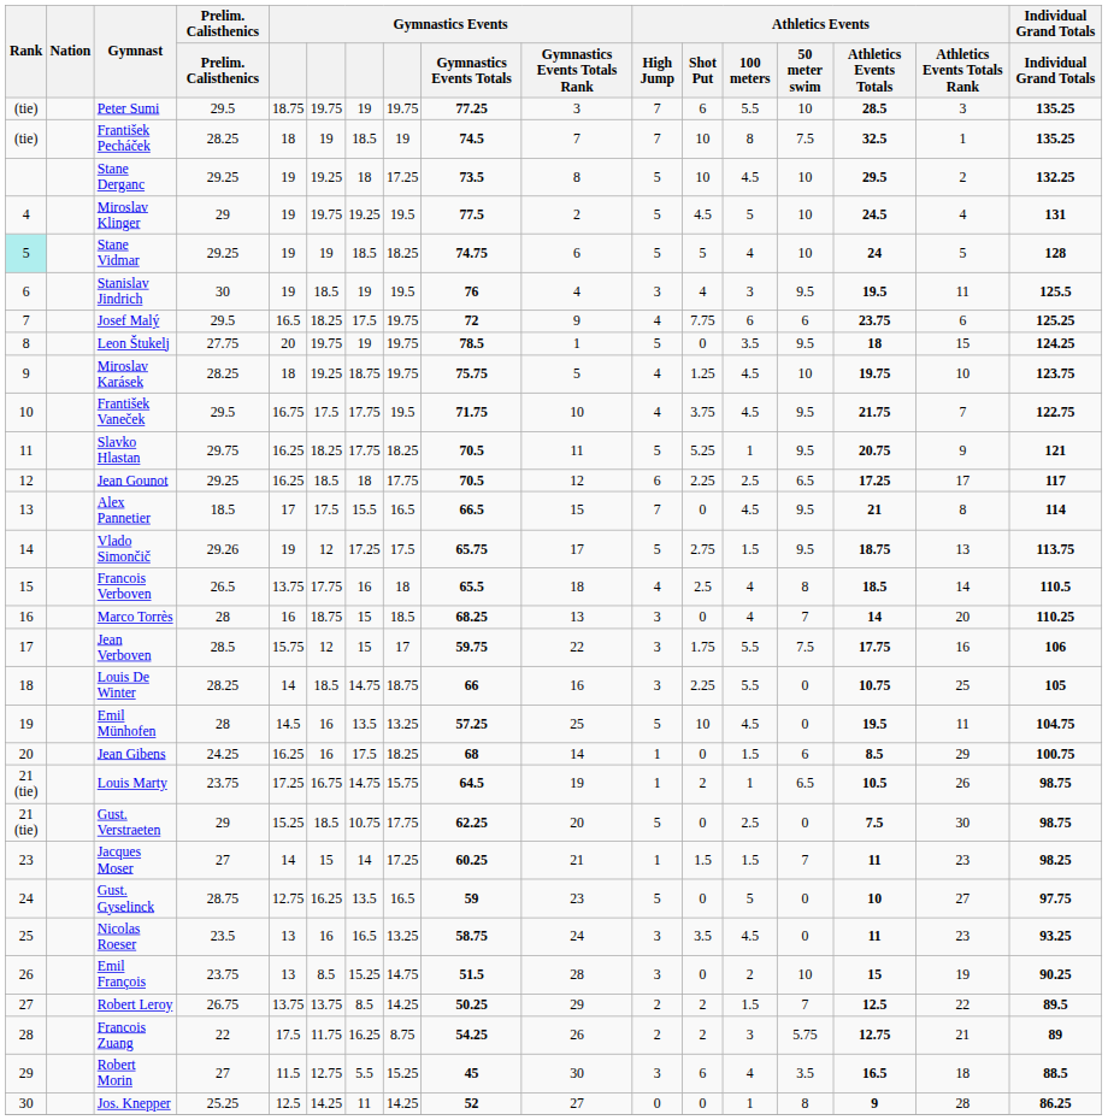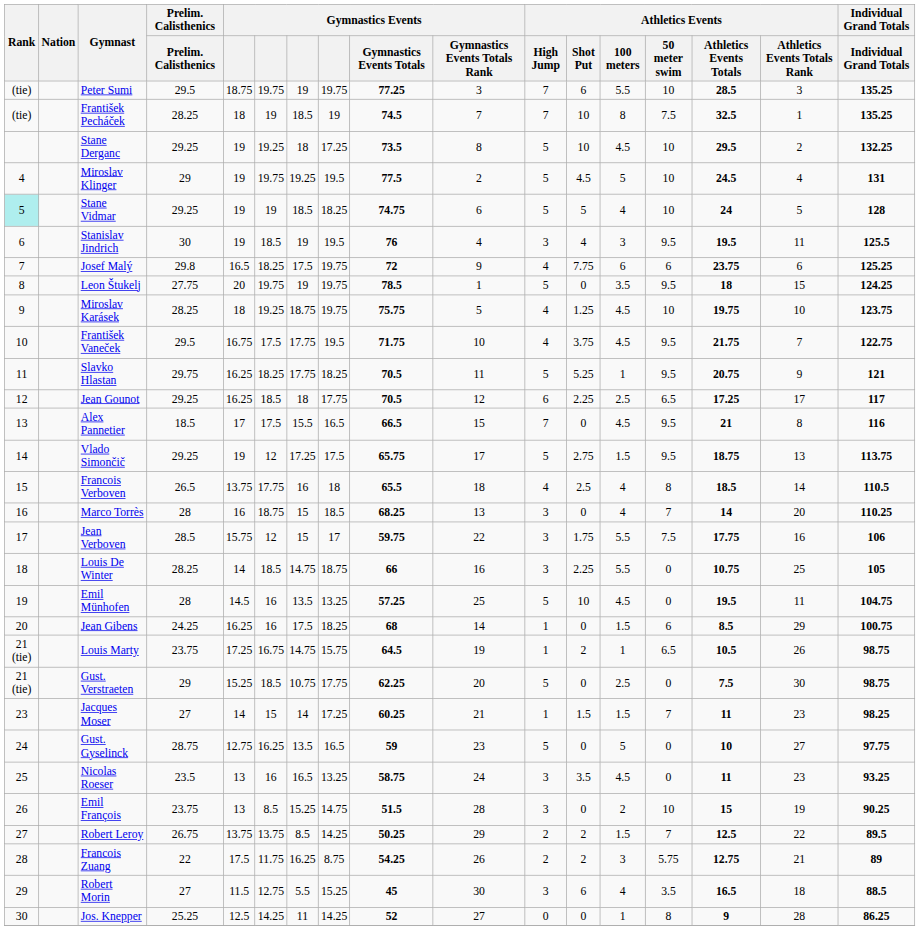 <table class="wikitable sortable" style="text-align:center">
 <tr>
 <th rowspan=2>Rank</th>
 <th rowspan=2>Nation</th>
 <th rowspan=2>Gymnast</th>
 <th colspan=1>Prelim. Calisthenics</th>
 <th colspan=6>Gymnastics Events</th>
 <th colspan=6>Athletics Events</th>
 <th colspan=2>Individual Grand Totals</th>
 </tr>
 <tr>
 <th colspan=1>Prelim. Calisthenics</th>
 <th colspan=1></th>
 <th colspan=1></th>
 <th colspan=1></th>
 <th colspan=1></th>
 <th colspan=1>Gymnastics Events Totals</th>
 <th colspan=1>Gymnastics Events Totals Rank</th>
 <th colspan=1>High Jump</th>
 <th colspan=1>Shot Put</th>
 <th colspan=1>100 meters</th>
 <th colspan=1>50 meter swim</th>
 <th colspan=1>Athletics Events Totals</th>
 <th colspan=1>Athletics Events Totals Rank</th>
 <th colspan=1>Individual Grand Totals</th>
 </tr>
 <tr>
 <td> (tie)</td>
 <td></td>
 <td align=left><a href='#'>Peter Sumi</a></td>
 <td>29.5</td>
 <td>18.75</td>
 <td>19.75</td>
 <td>19</td>
 <td>19.75</td>
 <td><strong>77.25</strong></td>
 <td>3</td>
 <td>7</td>
 <td>6</td>
 <td>5.5</td>
 <td>10</td>
 <td><strong>28.5</strong></td>
 <td>3</td>
 <td><strong>135.25</strong></td>
 </tr>
 <tr>
 <td> (tie)</td>
 <td></td>
 <td align=left><a href='#'>František Pecháček</a></td>
 <td>28.25</td>
 <td>18</td>
 <td>19</td>
 <td>18.5</td>
 <td>19</td>
 <td><strong>74.5</strong></td>
 <td>7</td>
 <td>7</td>
 <td>10</td>
 <td>8</td>
 <td>7.5</td>
 <td><strong>32.5</strong></td>
 <td>1</td>
 <td><strong>135.25</strong></td>
 </tr>
 <tr>
 <td></td>
 <td></td>
 <td align=left><a href='#'>Stane Derganc</a></td>
 <td>29.25</td>
 <td>19</td>
 <td>19.25</td>
 <td>18</td>
 <td>17.25</td>
 <td><strong>73.5</strong></td>
 <td>8</td>
 <td>5</td>
 <td>10</td>
 <td>4.5</td>
 <td>10</td>
 <td><strong>29.5</strong></td>
 <td>2</td>
 <td><strong>132.25</strong></td>
 </tr>
 <tr>
 <td>4</td>
 <td></td>
 <td align=left><a href='#'>Miroslav Klinger</a></td>
 <td>29</td>
 <td>19</td>
 <td>19.75</td>
 <td>19.25</td>
 <td>19.5</td>
 <td><strong>77.5</strong></td>
 <td>2</td>
 <td>5</td>
 <td>4.5</td>
 <td>5</td>
 <td>10</td>
 <td><strong>24.5</strong></td>
 <td>4</td>
 <td><strong>131</strong></td>
 </tr>
 <tr>
 <td style="background: paleturquoise;">5</td>
 <td></td>
 <td align=left><a href='#'>Stane Vidmar</a></td>
 <td>29.25</td>
 <td>19</td>
 <td>19</td>
 <td>18.5</td>
 <td>18.25</td>
 <td><strong>74.75</strong></td>
 <td>6</td>
 <td>5</td>
 <td>5</td>
 <td>4</td>
 <td>10</td>
 <td><strong>24</strong></td>
 <td>5</td>
 <td><strong>128</strong></td>
 </tr>
 <tr>
 <td>6</td>
 <td></td>
 <td align=left><a href='#'>Stanislav Jindrich</a></td>
 <td>30</td>
 <td>19</td>
 <td>18.5</td>
 <td>19</td>
 <td>19.5</td>
 <td><strong>76</strong></td>
 <td>4</td>
 <td>3</td>
 <td>4</td>
 <td>3</td>
 <td>9.5</td>
 <td><strong>19.5</strong></td>
 <td>11</td>
 <td><strong>125.5</strong></td>
 </tr>
 <tr>
 <td>7</td>
 <td></td>
 <td align=left><a href='#'>Josef Malý</a></td>
-<td>29.5</td>
+<td>29.8</td>
 <td>16.5</td>
 <td>18.25</td>
 <td>17.5</td>
 <td>19.75</td>
 <td><strong>72</strong></td>
 <td>9</td>
 <td>4</td>
 <td>7.75</td>
 <td>6</td>
 <td>6</td>
 <td><strong>23.75</strong></td>
 <td>6</td>
 <td><strong>125.25</strong></td>
 </tr>
 <tr>
 <td>8</td>
 <td></td>
 <td align=left><a href='#'>Leon Štukelj</a></td>
 <td>27.75</td>
 <td>20</td>
 <td>19.75</td>
 <td>19</td>
 <td>19.75</td>
 <td><strong>78.5</strong></td>
 <td>1</td>
 <td>5</td>
 <td>0</td>
 <td>3.5</td>
 <td>9.5</td>
 <td><strong>18</strong></td>
 <td>15</td>
 <td><strong>124.25</strong></td>
 </tr>
 <tr>
 <td>9</td>
 <td></td>
 <td align=left><a href='#'>Miroslav Karásek</a></td>
 <td>28.25</td>
 <td>18</td>
 <td>19.25</td>
 <td>18.75</td>
 <td>19.75</td>
 <td><strong>75.75</strong></td>
 <td>5</td>
 <td>4</td>
 <td>1.25</td>
 <td>4.5</td>
 <td>10</td>
 <td><strong>19.75</strong></td>
 <td>10</td>
 <td><strong>123.75</strong></td>
 </tr>
 <tr>
 <td>10</td>
 <td></td>
 <td align=left><a href='#'>František Vaneček</a></td>
 <td>29.5</td>
 <td>16.75</td>
 <td>17.5</td>
 <td>17.75</td>
 <td>19.5</td>
 <td><strong>71.75</strong></td>
 <td>10</td>
 <td>4</td>
 <td>3.75</td>
 <td>4.5</td>
 <td>9.5</td>
 <td><strong>21.75</strong></td>
 <td>7</td>
 <td><strong>122.75</strong></td>
 </tr>
 <tr>
 <td>11</td>
 <td></td>
 <td align=left><a href='#'>Slavko Hlastan</a></td>
 <td>29.75</td>
 <td>16.25</td>
 <td>18.25</td>
 <td>17.75</td>
 <td>18.25</td>
 <td><strong>70.5</strong></td>
 <td>11</td>
 <td>5</td>
 <td>5.25</td>
 <td>1</td>
 <td>9.5</td>
 <td><strong>20.75</strong></td>
 <td>9</td>
 <td><strong>121</strong></td>
 </tr>
 <tr>
 <td>12</td>
 <td></td>
 <td align=left><a href='#'>Jean Gounot</a></td>
 <td>29.25</td>
 <td>16.25</td>
 <td>18.5</td>
 <td>18</td>
 <td>17.75</td>
 <td><strong>70.5</strong></td>
 <td>12</td>
 <td>6</td>
 <td>2.25</td>
 <td>2.5</td>
 <td>6.5</td>
 <td><strong>17.25</strong></td>
 <td>17</td>
 <td><strong>117</strong></td>
 </tr>
 <tr>
 <td>13</td>
 <td></td>
 <td align=left><a href='#'>Alex Pannetier</a></td>
 <td>18.5</td>
 <td>17</td>
 <td>17.5</td>
 <td>15.5</td>
 <td>16.5</td>
 <td><strong>66.5</strong></td>
 <td>15</td>
 <td>7</td>
 <td>0</td>
 <td>4.5</td>
 <td>9.5</td>
 <td><strong>21</strong></td>
 <td>8</td>
-<td><strong>114</strong></td>
+<td><strong>116</strong></td>
 </tr>
 <tr>
 <td>14</td>
 <td></td>
 <td align=left><a href='#'>Vlado Simončič</a></td>
-<td>29.26</td>
+<td>29.25</td>
 <td>19</td>
 <td>12</td>
 <td>17.25</td>
 <td>17.5</td>
 <td><strong>65.75</strong></td>
 <td>17</td>
 <td>5</td>
 <td>2.75</td>
 <td>1.5</td>
 <td>9.5</td>
 <td><strong>18.75</strong></td>
 <td>13</td>
 <td><strong>113.75</strong></td>
 </tr>
 <tr>
 <td>15</td>
 <td></td>
 <td align=left><a href='#'>Francois Verboven</a></td>
 <td>26.5</td>
 <td>13.75</td>
 <td>17.75</td>
 <td>16</td>
 <td>18</td>
 <td><strong>65.5</strong></td>
 <td>18</td>
 <td>4</td>
 <td>2.5</td>
 <td>4</td>
 <td>8</td>
 <td><strong>18.5</strong></td>
 <td>14</td>
 <td><strong>110.5</strong></td>
 </tr>
 <tr>
 <td>16</td>
 <td></td>
 <td align=left><a href='#'>Marco Torrès</a></td>
 <td>28</td>
 <td>16</td>
 <td>18.75</td>
 <td>15</td>
 <td>18.5</td>
 <td><strong>68.25</strong></td>
 <td>13</td>
 <td>3</td>
 <td>0</td>
 <td>4</td>
 <td>7</td>
 <td><strong>14</strong></td>
 <td>20</td>
 <td><strong>110.25</strong></td>
 </tr>
 <tr>
 <td>17</td>
 <td></td>
 <td align=left><a href='#'>Jean Verboven</a></td>
 <td>28.5</td>
 <td>15.75</td>
 <td>12</td>
 <td>15</td>
 <td>17</td>
 <td><strong>59.75</strong></td>
 <td>22</td>
 <td>3</td>
 <td>1.75</td>
 <td>5.5</td>
 <td>7.5</td>
 <td><strong>17.75</strong></td>
 <td>16</td>
 <td><strong>106</strong></td>
 </tr>
 <tr>
 <td>18</td>
 <td></td>
 <td align=left><a href='#'>Louis De Winter</a></td>
 <td>28.25</td>
 <td>14</td>
 <td>18.5</td>
 <td>14.75</td>
 <td>18.75</td>
 <td><strong>66</strong></td>
 <td>16</td>
 <td>3</td>
 <td>2.25</td>
 <td>5.5</td>
 <td>0</td>
 <td><strong>10.75</strong></td>
 <td>25</td>
 <td><strong>105</strong></td>
 </tr>
 <tr>
 <td>19</td>
 <td></td>
 <td align=left><a href='#'>Emil Münhofen</a></td>
 <td>28</td>
 <td>14.5</td>
 <td>16</td>
 <td>13.5</td>
 <td>13.25</td>
 <td><strong>57.25</strong></td>
 <td>25</td>
 <td>5</td>
 <td>10</td>
 <td>4.5</td>
 <td>0</td>
 <td><strong>19.5</strong></td>
 <td>11</td>
 <td><strong>104.75</strong></td>
 </tr>
 <tr>
 <td>20</td>
 <td></td>
 <td align=left><a href='#'>Jean Gibens</a></td>
 <td>24.25</td>
 <td>16.25</td>
 <td>16</td>
 <td>17.5</td>
 <td>18.25</td>
 <td><strong>68</strong></td>
 <td>14</td>
 <td>1</td>
 <td>0</td>
 <td>1.5</td>
 <td>6</td>
 <td><strong>8.5</strong></td>
 <td>29</td>
 <td><strong>100.75</strong></td>
 </tr>
 <tr>
 <td>21 (tie)</td>
 <td></td>
 <td align=left><a href='#'>Louis Marty</a></td>
 <td>23.75</td>
 <td>17.25</td>
 <td>16.75</td>
 <td>14.75</td>
 <td>15.75</td>
 <td><strong>64.5</strong></td>
 <td>19</td>
 <td>1</td>
 <td>2</td>
 <td>1</td>
 <td>6.5</td>
 <td><strong>10.5</strong></td>
 <td>26</td>
 <td><strong>98.75</strong></td>
 </tr>
 <tr>
 <td>21 (tie)</td>
 <td></td>
 <td align=left><a href='#'>Gust. Verstraeten</a></td>
 <td>29</td>
 <td>15.25</td>
 <td>18.5</td>
 <td>10.75</td>
 <td>17.75</td>
 <td><strong>62.25</strong></td>
 <td>20</td>
 <td>5</td>
 <td>0</td>
 <td>2.5</td>
 <td>0</td>
 <td><strong>7.5</strong></td>
 <td>30</td>
 <td><strong>98.75</strong></td>
 </tr>
 <tr>
 <td>23</td>
 <td></td>
 <td align=left><a href='#'>Jacques Moser</a></td>
 <td>27</td>
 <td>14</td>
 <td>15</td>
 <td>14</td>
 <td>17.25</td>
 <td><strong>60.25</strong></td>
 <td>21</td>
 <td>1</td>
 <td>1.5</td>
 <td>1.5</td>
 <td>7</td>
 <td><strong>11</strong></td>
 <td>23</td>
 <td><strong>98.25</strong></td>
 </tr>
 <tr>
 <td>24</td>
 <td></td>
 <td align=left><a href='#'>Gust. Gyselinck</a></td>
 <td>28.75</td>
 <td>12.75</td>
 <td>16.25</td>
 <td>13.5</td>
 <td>16.5</td>
 <td><strong>59</strong></td>
 <td>23</td>
 <td>5</td>
 <td>0</td>
 <td>5</td>
 <td>0</td>
 <td><strong>10</strong></td>
 <td>27</td>
 <td><strong>97.75</strong></td>
 </tr>
 <tr>
 <td>25</td>
 <td></td>
 <td align=left><a href='#'>Nicolas Roeser</a></td>
 <td>23.5</td>
 <td>13</td>
 <td>16</td>
 <td>16.5</td>
 <td>13.25</td>
 <td><strong>58.75</strong></td>
 <td>24</td>
 <td>3</td>
 <td>3.5</td>
 <td>4.5</td>
 <td>0</td>
 <td><strong>11</strong></td>
 <td>23</td>
 <td><strong>93.25</strong></td>
 </tr>
 <tr>
 <td>26</td>
 <td></td>
 <td align=left><a href='#'>Emil François</a></td>
 <td>23.75</td>
 <td>13</td>
 <td>8.5</td>
 <td>15.25</td>
 <td>14.75</td>
 <td><strong>51.5</strong></td>
 <td>28</td>
 <td>3</td>
 <td>0</td>
 <td>2</td>
 <td>10</td>
 <td><strong>15</strong></td>
 <td>19</td>
 <td><strong>90.25</strong></td>
 </tr>
 <tr>
 <td>27</td>
 <td></td>
 <td align=left><a href='#'>Robert Leroy</a></td>
 <td>26.75</td>
 <td>13.75</td>
 <td>13.75</td>
 <td>8.5</td>
 <td>14.25</td>
 <td><strong>50.25</strong></td>
 <td>29</td>
 <td>2</td>
 <td>2</td>
 <td>1.5</td>
 <td>7</td>
 <td><strong>12.5</strong></td>
 <td>22</td>
 <td><strong>89.5</strong></td>
 </tr>
 <tr>
 <td>28</td>
 <td></td>
 <td align=left><a href='#'>Francois Zuang</a></td>
 <td>22</td>
 <td>17.5</td>
 <td>11.75</td>
 <td>16.25</td>
 <td>8.75</td>
 <td><strong>54.25</strong></td>
 <td>26</td>
 <td>2</td>
 <td>2</td>
 <td>3</td>
 <td>5.75</td>
 <td><strong>12.75</strong></td>
 <td>21</td>
 <td><strong>89</strong></td>
 </tr>
 <tr>
 <td>29</td>
 <td></td>
 <td align=left><a href='#'>Robert Morin</a></td>
 <td>27</td>
 <td>11.5</td>
 <td>12.75</td>
 <td>5.5</td>
 <td>15.25</td>
 <td><strong>45</strong></td>
 <td>30</td>
 <td>3</td>
 <td>6</td>
 <td>4</td>
 <td>3.5</td>
 <td><strong>16.5</strong></td>
 <td>18</td>
 <td><strong>88.5</strong></td>
 </tr>
 <tr>
 <td>30</td>
 <td></td>
 <td align=left><a href='#'>Jos. Knepper</a></td>
 <td>25.25</td>
 <td>12.5</td>
 <td>14.25</td>
 <td>11</td>
 <td>14.25</td>
 <td><strong>52</strong></td>
 <td>27</td>
 <td>0</td>
 <td>0</td>
 <td>1</td>
 <td>8</td>
 <td><strong>9</strong></td>
 <td>28</td>
 <td><strong>86.25</strong></td>
 </tr>
 <tr>
 </tr>
 </table>
